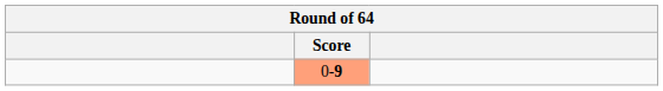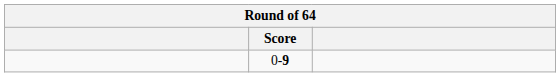 <table class="wikitable" style="text-align: center; font-size:90% ">
 <tr>
 <th colspan=3>Round of 64</th>
 </tr>
 <tr>
 <th align="right" width="250"></th>
 <th width="60">Score</th>
 <th align="left" width="250"></th>
 </tr>
 <tr>
 <td align=left></td>
-<td align=center style="background: lightsalmon;">0-<strong>9</strong></td>
+<td align=center>0-<strong>9</strong></td>
 <td align=left><strong></strong></td>
 </tr>
 </table>
